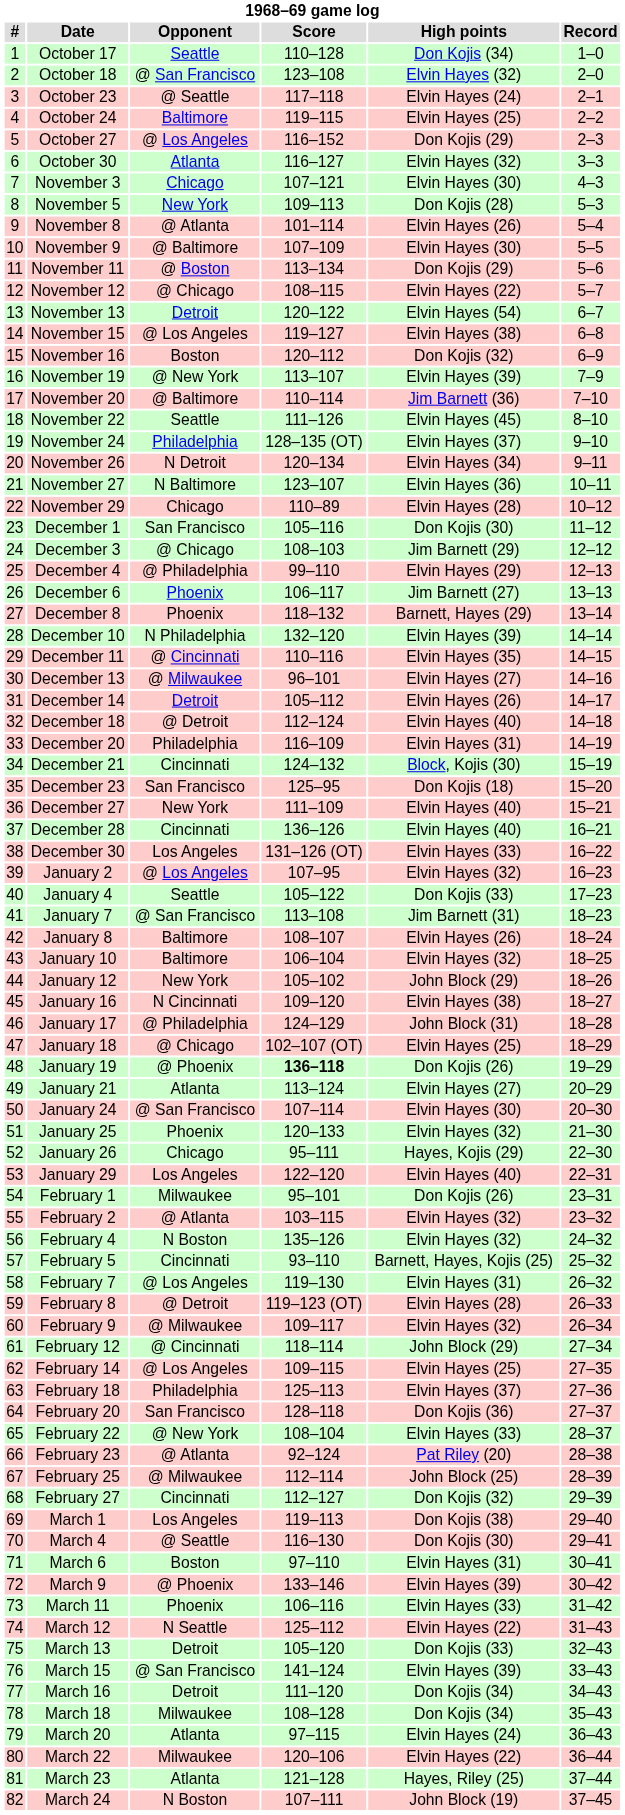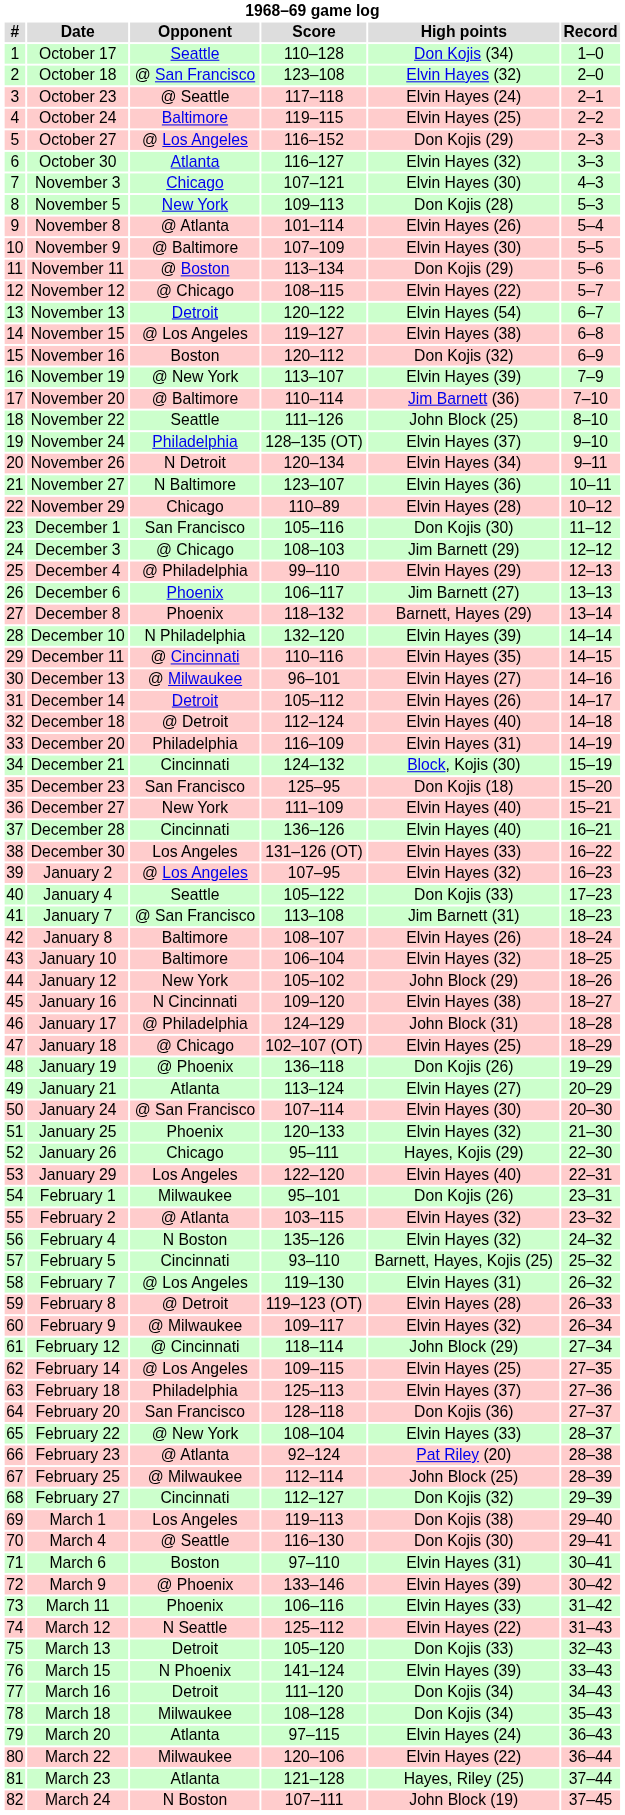 <table class="toccolours collapsible" width=50% style="clear:both; margin:1.5em auto; text-align:center">
 <tr>
 <th colspan=11>1968–69 game log</th>
 </tr>
 <tr align="center" bgcolor="#dddddd">
 <td><strong>#</strong></td>
 <td><strong>Date</strong></td>
 <td><strong>Opponent</strong></td>
 <td><strong>Score</strong></td>
 <td><strong>High points</strong></td>
 <td><strong>Record</strong></td>
 </tr>
 <tr align="center" bgcolor="ccffcc">
 <td>1</td>
 <td>October 17</td>
 <td><a href='#'>Seattle</a></td>
 <td>110–128</td>
 <td><a href='#'>Don Kojis</a> (34)</td>
 <td>1–0</td>
 </tr>
 <tr align="center" bgcolor="ccffcc">
 <td>2</td>
 <td>October 18</td>
 <td>@ <a href='#'>San Francisco</a></td>
 <td>123–108</td>
 <td><a href='#'>Elvin Hayes</a> (32)</td>
 <td>2–0</td>
 </tr>
 <tr align="center" bgcolor="ffcccc">
 <td>3</td>
 <td>October 23</td>
 <td>@ Seattle</td>
 <td>117–118</td>
 <td>Elvin Hayes (24)</td>
 <td>2–1</td>
 </tr>
 <tr align="center" bgcolor="ffcccc">
 <td>4</td>
 <td>October 24</td>
 <td><a href='#'>Baltimore</a></td>
 <td>119–115</td>
 <td>Elvin Hayes (25)</td>
 <td>2–2</td>
 </tr>
 <tr align="center" bgcolor="ffcccc">
 <td>5</td>
 <td>October 27</td>
 <td>@ <a href='#'>Los Angeles</a></td>
 <td>116–152</td>
 <td>Don Kojis (29)</td>
 <td>2–3</td>
 </tr>
 <tr align="center" bgcolor="ccffcc">
 <td>6</td>
 <td>October 30</td>
 <td><a href='#'>Atlanta</a></td>
 <td>116–127</td>
 <td>Elvin Hayes (32)</td>
 <td>3–3</td>
 </tr>
 <tr align="center" bgcolor="ccffcc">
 <td>7</td>
 <td>November 3</td>
 <td><a href='#'>Chicago</a></td>
 <td>107–121</td>
 <td>Elvin Hayes (30)</td>
 <td>4–3</td>
 </tr>
 <tr align="center" bgcolor="ccffcc">
 <td>8</td>
 <td>November 5</td>
 <td><a href='#'>New York</a></td>
 <td>109–113</td>
 <td>Don Kojis (28)</td>
 <td>5–3</td>
 </tr>
 <tr align="center" bgcolor="ffcccc">
 <td>9</td>
 <td>November 8</td>
 <td>@ Atlanta</td>
 <td>101–114</td>
 <td>Elvin Hayes (26)</td>
 <td>5–4</td>
 </tr>
 <tr align="center" bgcolor="ffcccc">
 <td>10</td>
 <td>November 9</td>
 <td>@ Baltimore</td>
 <td>107–109</td>
 <td>Elvin Hayes (30)</td>
 <td>5–5</td>
 </tr>
 <tr align="center" bgcolor="ffcccc">
 <td>11</td>
 <td>November 11</td>
 <td>@ <a href='#'>Boston</a></td>
 <td>113–134</td>
 <td>Don Kojis (29)</td>
 <td>5–6</td>
 </tr>
 <tr align="center" bgcolor="ffcccc">
 <td>12</td>
 <td>November 12</td>
 <td>@ Chicago</td>
 <td>108–115</td>
 <td>Elvin Hayes (22)</td>
 <td>5–7</td>
 </tr>
 <tr align="center" bgcolor="ccffcc">
 <td>13</td>
 <td>November 13</td>
 <td><a href='#'>Detroit</a></td>
 <td>120–122</td>
 <td>Elvin Hayes (54)</td>
 <td>6–7</td>
 </tr>
 <tr align="center" bgcolor="ffcccc">
 <td>14</td>
 <td>November 15</td>
 <td>@ Los Angeles</td>
 <td>119–127</td>
 <td>Elvin Hayes (38)</td>
 <td>6–8</td>
 </tr>
 <tr align="center" bgcolor="ffcccc">
 <td>15</td>
 <td>November 16</td>
 <td>Boston</td>
 <td>120–112</td>
 <td>Don Kojis (32)</td>
 <td>6–9</td>
 </tr>
 <tr align="center" bgcolor="ccffcc">
 <td>16</td>
 <td>November 19</td>
 <td>@ New York</td>
 <td>113–107</td>
 <td>Elvin Hayes (39)</td>
 <td>7–9</td>
 </tr>
 <tr align="center" bgcolor="ffcccc">
 <td>17</td>
 <td>November 20</td>
 <td>@ Baltimore</td>
 <td>110–114</td>
 <td><a href='#'>Jim Barnett</a> (36)</td>
 <td>7–10</td>
 </tr>
 <tr align="center" bgcolor="ccffcc">
 <td>18</td>
 <td>November 22</td>
 <td>Seattle</td>
 <td>111–126</td>
-<td>Elvin Hayes (45)</td>
+<td>John Block (25)</td>
 <td>8–10</td>
 </tr>
 <tr align="center" bgcolor="ccffcc">
 <td>19</td>
 <td>November 24</td>
 <td><a href='#'>Philadelphia</a></td>
 <td>128–135 (OT)</td>
 <td>Elvin Hayes (37)</td>
 <td>9–10</td>
 </tr>
 <tr align="center" bgcolor="ffcccc">
 <td>20</td>
 <td>November 26</td>
 <td>N Detroit</td>
 <td>120–134</td>
 <td>Elvin Hayes (34)</td>
 <td>9–11</td>
 </tr>
 <tr align="center" bgcolor="ccffcc">
 <td>21</td>
 <td>November 27</td>
 <td>N Baltimore</td>
 <td>123–107</td>
 <td>Elvin Hayes (36)</td>
 <td>10–11</td>
 </tr>
 <tr align="center" bgcolor="ffcccc">
 <td>22</td>
 <td>November 29</td>
 <td>Chicago</td>
 <td>110–89</td>
 <td>Elvin Hayes (28)</td>
 <td>10–12</td>
 </tr>
 <tr align="center" bgcolor="ccffcc">
 <td>23</td>
 <td>December 1</td>
 <td>San Francisco</td>
 <td>105–116</td>
 <td>Don Kojis (30)</td>
 <td>11–12</td>
 </tr>
 <tr align="center" bgcolor="ccffcc">
 <td>24</td>
 <td>December 3</td>
 <td>@ Chicago</td>
 <td>108–103</td>
 <td>Jim Barnett (29)</td>
 <td>12–12</td>
 </tr>
 <tr align="center" bgcolor="ffcccc">
 <td>25</td>
 <td>December 4</td>
 <td>@ Philadelphia</td>
 <td>99–110</td>
 <td>Elvin Hayes (29)</td>
 <td>12–13</td>
 </tr>
 <tr align="center" bgcolor="ccffcc">
 <td>26</td>
 <td>December 6</td>
 <td><a href='#'>Phoenix</a></td>
 <td>106–117</td>
 <td>Jim Barnett (27)</td>
 <td>13–13</td>
 </tr>
 <tr align="center" bgcolor="ffcccc">
 <td>27</td>
 <td>December 8</td>
 <td>Phoenix</td>
 <td>118–132</td>
 <td>Barnett, Hayes (29)</td>
 <td>13–14</td>
 </tr>
 <tr align="center" bgcolor="ccffcc">
 <td>28</td>
 <td>December 10</td>
 <td>N Philadelphia</td>
 <td>132–120</td>
 <td>Elvin Hayes (39)</td>
 <td>14–14</td>
 </tr>
 <tr align="center" bgcolor="ffcccc">
 <td>29</td>
 <td>December 11</td>
 <td>@ <a href='#'>Cincinnati</a></td>
 <td>110–116</td>
 <td>Elvin Hayes (35)</td>
 <td>14–15</td>
 </tr>
 <tr align="center" bgcolor="ffcccc">
 <td>30</td>
 <td>December 13</td>
 <td>@ <a href='#'>Milwaukee</a></td>
 <td>96–101</td>
 <td>Elvin Hayes (27)</td>
 <td>14–16</td>
 </tr>
 <tr align="center" bgcolor="ffcccc">
 <td>31</td>
 <td>December 14</td>
 <td><a href='#'>Detroit</a></td>
 <td>105–112</td>
 <td>Elvin Hayes (26)</td>
 <td>14–17</td>
 </tr>
 <tr align="center" bgcolor="ffcccc">
 <td>32</td>
 <td>December 18</td>
 <td>@ Detroit</td>
 <td>112–124</td>
 <td>Elvin Hayes (40)</td>
 <td>14–18</td>
 </tr>
 <tr align="center" bgcolor="ffcccc">
 <td>33</td>
 <td>December 20</td>
 <td>Philadelphia</td>
 <td>116–109</td>
 <td>Elvin Hayes (31)</td>
 <td>14–19</td>
 </tr>
 <tr align="center" bgcolor="ccffcc">
 <td>34</td>
 <td>December 21</td>
 <td>Cincinnati</td>
 <td>124–132</td>
 <td><a href='#'>Block</a>, Kojis (30)</td>
 <td>15–19</td>
 </tr>
 <tr align="center" bgcolor="ffcccc">
 <td>35</td>
 <td>December 23</td>
 <td>San Francisco</td>
 <td>125–95</td>
 <td>Don Kojis (18)</td>
 <td>15–20</td>
 </tr>
 <tr align="center" bgcolor="ffcccc">
 <td>36</td>
 <td>December 27</td>
 <td>New York</td>
 <td>111–109</td>
 <td>Elvin Hayes (40)</td>
 <td>15–21</td>
 </tr>
 <tr align="center" bgcolor="ccffcc">
 <td>37</td>
 <td>December 28</td>
 <td>Cincinnati</td>
 <td>136–126</td>
 <td>Elvin Hayes (40)</td>
 <td>16–21</td>
 </tr>
 <tr align="center" bgcolor="ffcccc">
 <td>38</td>
 <td>December 30</td>
 <td>Los Angeles</td>
 <td>131–126 (OT)</td>
 <td>Elvin Hayes (33)</td>
 <td>16–22</td>
 </tr>
 <tr align="center" bgcolor="ffcccc">
 <td>39</td>
 <td>January 2</td>
 <td>@ <a href='#'>Los Angeles</a></td>
 <td>107–95</td>
 <td>Elvin Hayes (32)</td>
 <td>16–23</td>
 </tr>
 <tr align="center" bgcolor="ccffcc">
 <td>40</td>
 <td>January 4</td>
 <td>Seattle</td>
 <td>105–122</td>
 <td>Don Kojis (33)</td>
 <td>17–23</td>
 </tr>
 <tr align="center" bgcolor="ccffcc">
 <td>41</td>
 <td>January 7</td>
 <td>@ San Francisco</td>
 <td>113–108</td>
 <td>Jim Barnett (31)</td>
 <td>18–23</td>
 </tr>
 <tr align="center" bgcolor="ffcccc">
 <td>42</td>
 <td>January 8</td>
 <td>Baltimore</td>
 <td>108–107</td>
 <td>Elvin Hayes (26)</td>
 <td>18–24</td>
 </tr>
 <tr align="center" bgcolor="ffcccc">
 <td>43</td>
 <td>January 10</td>
 <td>Baltimore</td>
 <td>106–104</td>
 <td>Elvin Hayes (32)</td>
 <td>18–25</td>
 </tr>
 <tr align="center" bgcolor="ffcccc">
 <td>44</td>
 <td>January 12</td>
 <td>New York</td>
 <td>105–102</td>
 <td>John Block (29)</td>
 <td>18–26</td>
 </tr>
 <tr align="center" bgcolor="ffcccc">
 <td>45</td>
 <td>January 16</td>
 <td>N Cincinnati</td>
 <td>109–120</td>
 <td>Elvin Hayes (38)</td>
 <td>18–27</td>
 </tr>
 <tr align="center" bgcolor="ffcccc">
 <td>46</td>
 <td>January 17</td>
 <td>@ Philadelphia</td>
 <td>124–129</td>
 <td>John Block (31)</td>
 <td>18–28</td>
 </tr>
 <tr align="center" bgcolor="ffcccc">
 <td>47</td>
 <td>January 18</td>
 <td>@ Chicago</td>
 <td>102–107 (OT)</td>
 <td>Elvin Hayes (25)</td>
 <td>18–29</td>
 </tr>
 <tr align="center" bgcolor="ccffcc">
 <td>48</td>
 <td>January 19</td>
 <td>@ Phoenix</td>
-<td><strong>136–118</strong></td>
+<td>136–118</td>
 <td>Don Kojis (26)</td>
 <td>19–29</td>
 </tr>
 <tr align="center" bgcolor="ccffcc">
 <td>49</td>
 <td>January 21</td>
 <td>Atlanta</td>
 <td>113–124</td>
 <td>Elvin Hayes (27)</td>
 <td>20–29</td>
 </tr>
 <tr align="center" bgcolor="ffcccc">
 <td>50</td>
 <td>January 24</td>
 <td>@ San Francisco</td>
 <td>107–114</td>
 <td>Elvin Hayes (30)</td>
 <td>20–30</td>
 </tr>
 <tr align="center" bgcolor="ccffcc">
 <td>51</td>
 <td>January 25</td>
 <td>Phoenix</td>
 <td>120–133</td>
 <td>Elvin Hayes (32)</td>
 <td>21–30</td>
 </tr>
 <tr align="center" bgcolor="ccffcc">
 <td>52</td>
 <td>January 26</td>
 <td>Chicago</td>
 <td>95–111</td>
 <td>Hayes, Kojis (29)</td>
 <td>22–30</td>
 </tr>
 <tr align="center" bgcolor="ffcccc">
 <td>53</td>
 <td>January 29</td>
 <td>Los Angeles</td>
 <td>122–120</td>
 <td>Elvin Hayes (40)</td>
 <td>22–31</td>
 </tr>
 <tr align="center" bgcolor="ccffcc">
 <td>54</td>
 <td>February 1</td>
 <td>Milwaukee</td>
 <td>95–101</td>
 <td>Don Kojis (26)</td>
 <td>23–31</td>
 </tr>
 <tr align="center" bgcolor="ffcccc">
 <td>55</td>
 <td>February 2</td>
 <td>@ Atlanta</td>
 <td>103–115</td>
 <td>Elvin Hayes (32)</td>
 <td>23–32</td>
 </tr>
 <tr align="center" bgcolor="ccffcc">
 <td>56</td>
 <td>February 4</td>
 <td>N Boston</td>
 <td>135–126</td>
 <td>Elvin Hayes (32)</td>
 <td>24–32</td>
 </tr>
 <tr align="center" bgcolor="ccffcc">
 <td>57</td>
 <td>February 5</td>
 <td>Cincinnati</td>
 <td>93–110</td>
 <td>Barnett, Hayes, Kojis (25)</td>
 <td>25–32</td>
 </tr>
 <tr align="center" bgcolor="ccffcc">
 <td>58</td>
 <td>February 7</td>
 <td>@ Los Angeles</td>
 <td>119–130</td>
 <td>Elvin Hayes (31)</td>
 <td>26–32</td>
 </tr>
 <tr align="center" bgcolor="ffcccc">
 <td>59</td>
 <td>February 8</td>
 <td>@ Detroit</td>
 <td>119–123 (OT)</td>
 <td>Elvin Hayes (28)</td>
 <td>26–33</td>
 </tr>
 <tr align="center" bgcolor="ffcccc">
 <td>60</td>
 <td>February 9</td>
 <td>@ Milwaukee</td>
 <td>109–117</td>
 <td>Elvin Hayes (32)</td>
 <td>26–34</td>
 </tr>
 <tr align="center" bgcolor="ccffcc">
 <td>61</td>
 <td>February 12</td>
 <td>@ Cincinnati</td>
 <td>118–114</td>
 <td>John Block (29)</td>
 <td>27–34</td>
 </tr>
 <tr align="center" bgcolor="ffcccc">
 <td>62</td>
 <td>February 14</td>
 <td>@ Los Angeles</td>
 <td>109–115</td>
 <td>Elvin Hayes (25)</td>
 <td>27–35</td>
 </tr>
 <tr align="center" bgcolor="ffcccc">
 <td>63</td>
 <td>February 18</td>
 <td>Philadelphia</td>
 <td>125–113</td>
 <td>Elvin Hayes (37)</td>
 <td>27–36</td>
 </tr>
 <tr align="center" bgcolor="ffcccc">
 <td>64</td>
 <td>February 20</td>
 <td>San Francisco</td>
 <td>128–118</td>
 <td>Don Kojis (36)</td>
 <td>27–37</td>
 </tr>
 <tr align="center" bgcolor="ccffcc">
 <td>65</td>
 <td>February 22</td>
 <td>@ New York</td>
 <td>108–104</td>
 <td>Elvin Hayes (33)</td>
 <td>28–37</td>
 </tr>
 <tr align="center" bgcolor="ffcccc">
 <td>66</td>
 <td>February 23</td>
 <td>@ Atlanta</td>
 <td>92–124</td>
 <td><a href='#'>Pat Riley</a> (20)</td>
 <td>28–38</td>
 </tr>
 <tr align="center" bgcolor="ffcccc">
 <td>67</td>
 <td>February 25</td>
 <td>@ Milwaukee</td>
 <td>112–114</td>
 <td>John Block (25)</td>
 <td>28–39</td>
 </tr>
 <tr align="center" bgcolor="ccffcc">
 <td>68</td>
 <td>February 27</td>
 <td>Cincinnati</td>
 <td>112–127</td>
 <td>Don Kojis (32)</td>
 <td>29–39</td>
 </tr>
 <tr align="center" bgcolor="ffcccc">
 <td>69</td>
 <td>March 1</td>
 <td>Los Angeles</td>
 <td>119–113</td>
 <td>Don Kojis (38)</td>
 <td>29–40</td>
 </tr>
 <tr align="center" bgcolor="ffcccc">
 <td>70</td>
 <td>March 4</td>
 <td>@ Seattle</td>
 <td>116–130</td>
 <td>Don Kojis (30)</td>
 <td>29–41</td>
 </tr>
 <tr align="center" bgcolor="ccffcc">
 <td>71</td>
 <td>March 6</td>
 <td>Boston</td>
 <td>97–110</td>
 <td>Elvin Hayes (31)</td>
 <td>30–41</td>
 </tr>
 <tr align="center" bgcolor="ffcccc">
 <td>72</td>
 <td>March 9</td>
 <td>@ Phoenix</td>
 <td>133–146</td>
 <td>Elvin Hayes (39)</td>
 <td>30–42</td>
 </tr>
 <tr align="center" bgcolor="ccffcc">
 <td>73</td>
 <td>March 11</td>
 <td>Phoenix</td>
 <td>106–116</td>
 <td>Elvin Hayes (33)</td>
 <td>31–42</td>
 </tr>
 <tr align="center" bgcolor="ffcccc">
 <td>74</td>
 <td>March 12</td>
 <td>N Seattle</td>
 <td>125–112</td>
 <td>Elvin Hayes (22)</td>
 <td>31–43</td>
 </tr>
 <tr align="center" bgcolor="ccffcc">
 <td>75</td>
 <td>March 13</td>
 <td>Detroit</td>
 <td>105–120</td>
 <td>Don Kojis (33)</td>
 <td>32–43</td>
 </tr>
 <tr align="center" bgcolor="ccffcc">
 <td>76</td>
 <td>March 15</td>
-<td>@ San Francisco</td>
+<td>N Phoenix</td>
 <td>141–124</td>
 <td>Elvin Hayes (39)</td>
 <td>33–43</td>
 </tr>
 <tr align="center" bgcolor="ccffcc">
 <td>77</td>
 <td>March 16</td>
 <td>Detroit</td>
 <td>111–120</td>
 <td>Don Kojis (34)</td>
 <td>34–43</td>
 </tr>
 <tr align="center" bgcolor="ccffcc">
 <td>78</td>
 <td>March 18</td>
 <td>Milwaukee</td>
 <td>108–128</td>
 <td>Don Kojis (34)</td>
 <td>35–43</td>
 </tr>
 <tr align="center" bgcolor="ccffcc">
 <td>79</td>
 <td>March 20</td>
 <td>Atlanta</td>
 <td>97–115</td>
 <td>Elvin Hayes (24)</td>
 <td>36–43</td>
 </tr>
 <tr align="center" bgcolor="ffcccc">
 <td>80</td>
 <td>March 22</td>
 <td>Milwaukee</td>
 <td>120–106</td>
 <td>Elvin Hayes (22)</td>
 <td>36–44</td>
 </tr>
 <tr align="center" bgcolor="ccffcc">
 <td>81</td>
 <td>March 23</td>
 <td>Atlanta</td>
 <td>121–128</td>
 <td>Hayes, Riley (25)</td>
 <td>37–44</td>
 </tr>
 <tr align="center" bgcolor="ffcccc">
 <td>82</td>
 <td>March 24</td>
 <td>N Boston</td>
 <td>107–111</td>
 <td>John Block (19)</td>
 <td>37–45</td>
 </tr>
 </table>
